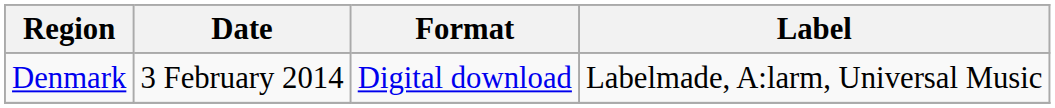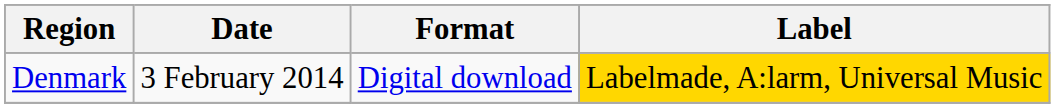 <table class=wikitable>
 <tr>
 <th>Region</th>
 <th>Date</th>
 <th>Format</th>
 <th>Label</th>
 </tr>
 <tr>
 <td><a href='#'>Denmark</a></td>
 <td>3 February 2014</td>
 <td><a href='#'>Digital download</a></td>
-<td>Labelmade, A:larm, Universal Music</td>
+<td style="background: gold;">Labelmade, A:larm, Universal Music</td>
 </tr>
 <tr>
 </tr>
 </table>
